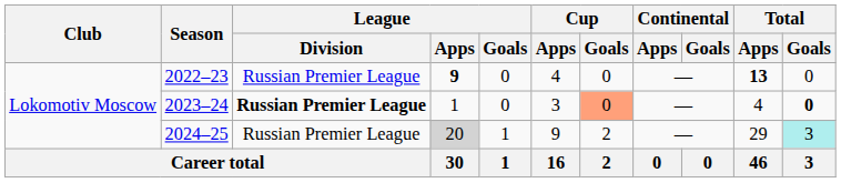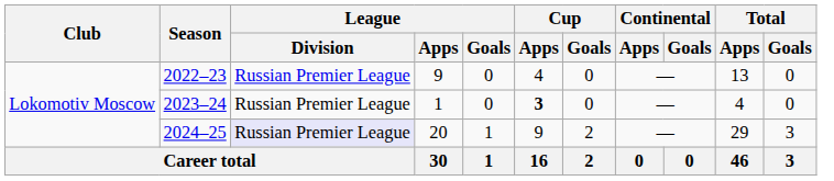 <table class="wikitable" style="text-align:center">
 <tr>
 <th rowspan="2">Club</th>
 <th rowspan="2">Season</th>
 <th colspan="3">League</th>
 <th colspan="2">Cup</th>
 <th colspan="2">Continental</th>
 <th colspan="2">Total</th>
 </tr>
 <tr>
 <th>Division</th>
 <th>Apps</th>
 <th>Goals</th>
 <th>Apps</th>
 <th>Goals</th>
 <th>Apps</th>
 <th>Goals</th>
 <th>Apps</th>
 <th>Goals</th>
 </tr>
 <tr>
 <td rowspan="3"><a href='#'>Lokomotiv Moscow</a></td>
 <td><a href='#'>2022–23</a></td>
 <td><a href='#'>Russian Premier League</a></td>
-<td><strong>9</strong></td>
+<td>9</td>
 <td>0</td>
 <td>4</td>
 <td>0</td>
 <td colspan="2">—</td>
-<td><strong>13</strong></td>
+<td>13</td>
 <td>0</td>
 </tr>
 <tr>
 <td><a href='#'>2023–24</a></td>
-<td><strong>Russian Premier League</strong></td>
+<td>Russian Premier League</td>
 <td>1</td>
 <td>0</td>
-<td>3</td>
-<td style="background: lightsalmon;">0</td>
+<td><strong>3</strong></td>
+<td>0</td>
 <td colspan="2">—</td>
 <td>4</td>
-<td><strong>0</strong></td>
+<td>0</td>
 </tr>
 <tr>
 <td><a href='#'>2024–25</a></td>
-<td>Russian Premier League</td>
-<td style="background: lightgrey;">20</td>
+<td style="background: lavender;">Russian Premier League</td>
+<td>20</td>
 <td>1</td>
 <td>9</td>
 <td>2</td>
 <td colspan="2">—</td>
 <td>29</td>
-<td style="background: paleturquoise;">3</td>
+<td>3</td>
 </tr>
 <tr>
 <th colspan="3">Career total</th>
 <th>30</th>
 <th>1</th>
 <th>16</th>
 <th>2</th>
 <th>0</th>
 <th>0</th>
 <th>46</th>
 <th>3</th>
 </tr>
 </table>
